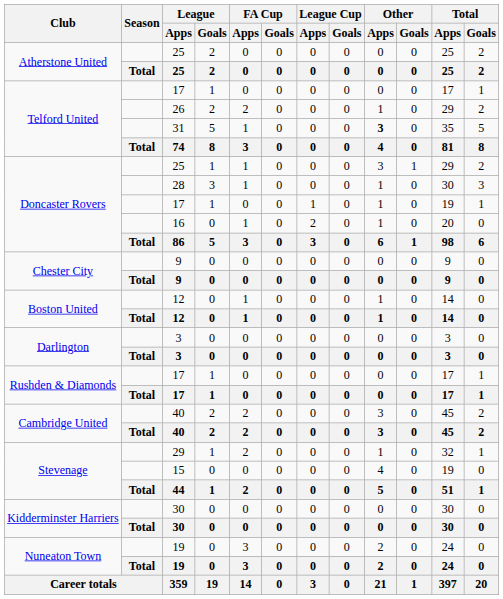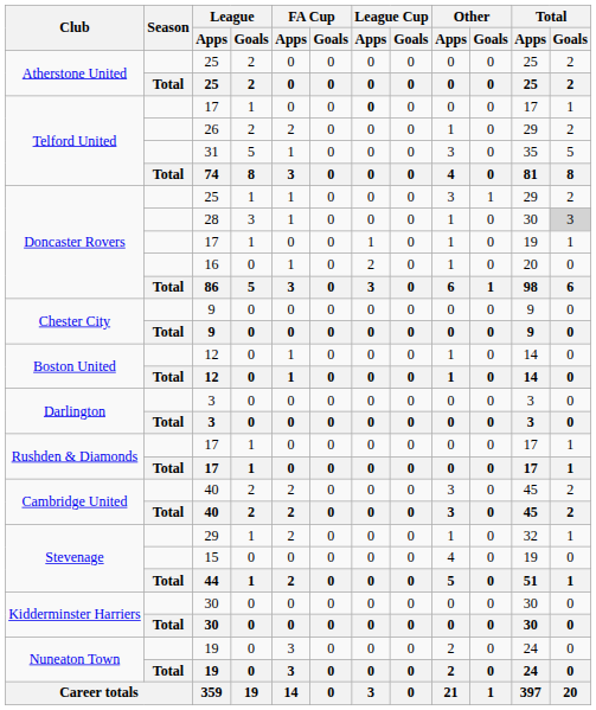 <table class="wikitable" style="text-align: center;">
 <tr>
 <th rowspan="2">Club</th>
 <th rowspan="2">Season</th>
 <th colspan="2">League</th>
 <th colspan="2">FA Cup</th>
 <th colspan="2">League Cup</th>
 <th colspan="2">Other</th>
 <th colspan="2">Total</th>
 </tr>
 <tr>
 <th>Apps</th>
 <th>Goals</th>
 <th>Apps</th>
 <th>Goals</th>
 <th>Apps</th>
 <th>Goals</th>
 <th>Apps</th>
 <th>Goals</th>
 <th>Apps</th>
 <th>Goals</th>
 </tr>
 <tr>
 <td rowspan="2" valign="center"><a href='#'>Atherstone United</a></td>
 <td></td>
 <td>25</td>
 <td>2</td>
 <td>0</td>
 <td>0</td>
 <td>0</td>
 <td>0</td>
 <td>0</td>
 <td>0</td>
 <td>25</td>
 <td>2</td>
 </tr>
 <tr>
 <th>Total</th>
 <th>25</th>
 <th>2</th>
 <th>0</th>
 <th>0</th>
 <th>0</th>
 <th>0</th>
 <th>0</th>
 <th>0</th>
 <th>25</th>
 <th>2</th>
 </tr>
 <tr>
 <td rowspan="4" valign="center"><a href='#'>Telford United</a></td>
 <td></td>
 <td>17</td>
 <td>1</td>
 <td>0</td>
 <td>0</td>
-<td>0</td>
+<td><strong>0</strong></td>
 <td>0</td>
 <td>0</td>
 <td>0</td>
 <td>17</td>
 <td>1</td>
 </tr>
 <tr>
 <td></td>
 <td>26</td>
 <td>2</td>
 <td>2</td>
 <td>0</td>
 <td>0</td>
 <td>0</td>
 <td>1</td>
 <td>0</td>
 <td>29</td>
 <td>2</td>
 </tr>
 <tr>
 <td></td>
 <td>31</td>
 <td>5</td>
 <td>1</td>
 <td>0</td>
 <td>0</td>
 <td>0</td>
-<td><strong>3</strong></td>
+<td>3</td>
 <td>0</td>
 <td>35</td>
 <td>5</td>
 </tr>
 <tr>
 <th>Total</th>
 <th>74</th>
 <th>8</th>
 <th>3</th>
 <th>0</th>
 <th>0</th>
 <th>0</th>
 <th>4</th>
 <th>0</th>
 <th>81</th>
 <th>8</th>
 </tr>
 <tr>
 <td rowspan="5" valign="center"><a href='#'>Doncaster Rovers</a></td>
 <td></td>
 <td>25</td>
 <td>1</td>
 <td>1</td>
 <td>0</td>
 <td>0</td>
 <td>0</td>
 <td>3</td>
 <td>1</td>
 <td>29</td>
 <td>2</td>
 </tr>
 <tr>
 <td></td>
 <td>28</td>
 <td>3</td>
 <td>1</td>
 <td>0</td>
 <td>0</td>
 <td>0</td>
 <td>1</td>
 <td>0</td>
 <td>30</td>
-<td>3</td>
+<td style="background: lightgrey;">3</td>
 </tr>
 <tr>
 <td></td>
 <td>17</td>
 <td>1</td>
 <td>0</td>
 <td>0</td>
 <td>1</td>
 <td>0</td>
 <td>1</td>
 <td>0</td>
 <td>19</td>
 <td>1</td>
 </tr>
 <tr>
 <td></td>
 <td>16</td>
 <td>0</td>
 <td>1</td>
 <td>0</td>
 <td>2</td>
 <td>0</td>
 <td>1</td>
 <td>0</td>
 <td>20</td>
 <td>0</td>
 </tr>
 <tr>
 <th>Total</th>
 <th>86</th>
 <th>5</th>
 <th>3</th>
 <th>0</th>
 <th>3</th>
 <th>0</th>
 <th>6</th>
 <th>1</th>
 <th>98</th>
 <th>6</th>
 </tr>
 <tr>
 <td rowspan="2" valign="center"><a href='#'>Chester City</a></td>
 <td></td>
 <td>9</td>
 <td>0</td>
 <td>0</td>
 <td>0</td>
 <td>0</td>
 <td>0</td>
 <td>0</td>
 <td>0</td>
 <td>9</td>
 <td>0</td>
 </tr>
 <tr>
 <th>Total</th>
 <th>9</th>
 <th>0</th>
 <th>0</th>
 <th>0</th>
 <th>0</th>
 <th>0</th>
 <th>0</th>
 <th>0</th>
 <th>9</th>
 <th>0</th>
 </tr>
 <tr>
 <td rowspan="2" valign="center"><a href='#'>Boston United</a></td>
 <td></td>
 <td>12</td>
 <td>0</td>
 <td>1</td>
 <td>0</td>
 <td>0</td>
 <td>0</td>
 <td>1</td>
 <td>0</td>
 <td>14</td>
 <td>0</td>
 </tr>
 <tr>
 <th>Total</th>
 <th>12</th>
 <th>0</th>
 <th>1</th>
 <th>0</th>
 <th>0</th>
 <th>0</th>
 <th>1</th>
 <th>0</th>
 <th>14</th>
 <th>0</th>
 </tr>
 <tr>
 <td rowspan="2" valign="center"><a href='#'>Darlington</a></td>
 <td></td>
 <td>3</td>
 <td>0</td>
 <td>0</td>
 <td>0</td>
 <td>0</td>
 <td>0</td>
 <td>0</td>
 <td>0</td>
 <td>3</td>
 <td>0</td>
 </tr>
 <tr>
 <th>Total</th>
 <th>3</th>
 <th>0</th>
 <th>0</th>
 <th>0</th>
 <th>0</th>
 <th>0</th>
 <th>0</th>
 <th>0</th>
 <th>3</th>
 <th>0</th>
 </tr>
 <tr>
 <td rowspan="2" valign="center"><a href='#'>Rushden & Diamonds</a></td>
 <td></td>
 <td>17</td>
 <td>1</td>
 <td>0</td>
 <td>0</td>
 <td>0</td>
 <td>0</td>
 <td>0</td>
 <td>0</td>
 <td>17</td>
 <td>1</td>
 </tr>
 <tr>
 <th>Total</th>
 <th>17</th>
 <th>1</th>
 <th>0</th>
 <th>0</th>
 <th>0</th>
 <th>0</th>
 <th>0</th>
 <th>0</th>
 <th>17</th>
 <th>1</th>
 </tr>
 <tr>
 <td rowspan="2" valign="center"><a href='#'>Cambridge United</a></td>
 <td></td>
 <td>40</td>
 <td>2</td>
 <td>2</td>
 <td>0</td>
 <td>0</td>
 <td>0</td>
 <td>3</td>
 <td>0</td>
 <td>45</td>
 <td>2</td>
 </tr>
 <tr>
 <th>Total</th>
 <th>40</th>
 <th>2</th>
 <th>2</th>
 <th>0</th>
 <th>0</th>
 <th>0</th>
 <th>3</th>
 <th>0</th>
 <th>45</th>
 <th>2</th>
 </tr>
 <tr>
 <td rowspan="3" valign="center"><a href='#'>Stevenage</a></td>
 <td></td>
 <td>29</td>
 <td>1</td>
 <td>2</td>
 <td>0</td>
 <td>0</td>
 <td>0</td>
 <td>1</td>
 <td>0</td>
 <td>32</td>
 <td>1</td>
 </tr>
 <tr>
 <td></td>
 <td>15</td>
 <td>0</td>
 <td>0</td>
 <td>0</td>
 <td>0</td>
 <td>0</td>
 <td>4</td>
 <td>0</td>
 <td>19</td>
 <td>0</td>
 </tr>
 <tr>
 <th>Total</th>
 <th>44</th>
 <th>1</th>
 <th>2</th>
 <th>0</th>
 <th>0</th>
 <th>0</th>
 <th>5</th>
 <th>0</th>
 <th>51</th>
 <th>1</th>
 </tr>
 <tr>
 <td rowspan="2" valign="center"><a href='#'>Kidderminster Harriers</a></td>
 <td></td>
 <td>30</td>
 <td>0</td>
 <td>0</td>
 <td>0</td>
 <td>0</td>
 <td>0</td>
 <td>0</td>
 <td>0</td>
 <td>30</td>
 <td>0</td>
 </tr>
 <tr>
 <th>Total</th>
 <th>30</th>
 <th>0</th>
 <th>0</th>
 <th>0</th>
 <th>0</th>
 <th>0</th>
 <th>0</th>
 <th>0</th>
 <th>30</th>
 <th>0</th>
 </tr>
 <tr>
 <td rowspan="2" valign="center"><a href='#'>Nuneaton Town</a></td>
 <td></td>
 <td>19</td>
 <td>0</td>
 <td>3</td>
 <td>0</td>
 <td>0</td>
 <td>0</td>
 <td>2</td>
 <td>0</td>
 <td>24</td>
 <td>0</td>
 </tr>
 <tr>
 <th>Total</th>
 <th>19</th>
 <th>0</th>
 <th>3</th>
 <th>0</th>
 <th>0</th>
 <th>0</th>
 <th>2</th>
 <th>0</th>
 <th>24</th>
 <th>0</th>
 </tr>
 <tr>
 <th colspan="2">Career totals</th>
 <th>359</th>
 <th>19</th>
 <th>14</th>
 <th>0</th>
 <th>3</th>
 <th>0</th>
 <th>21</th>
 <th>1</th>
 <th>397</th>
 <th>20</th>
 </tr>
 </table>
